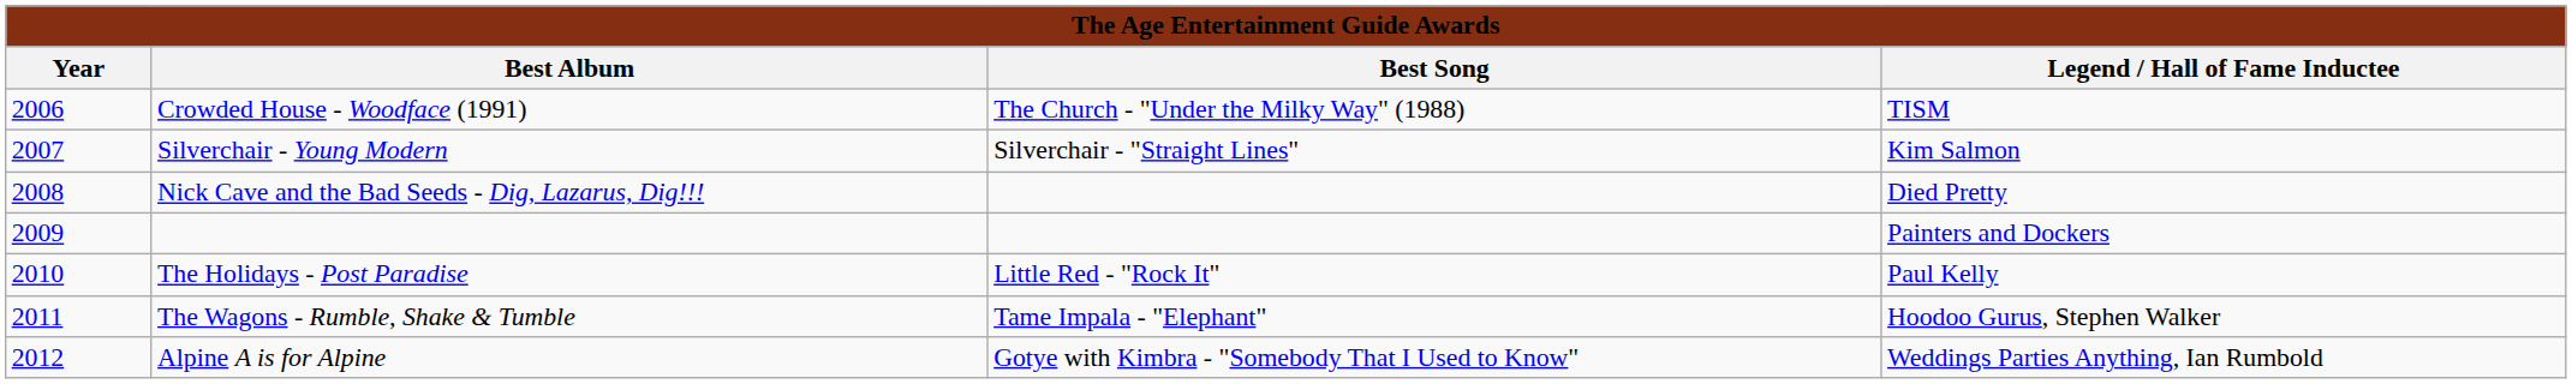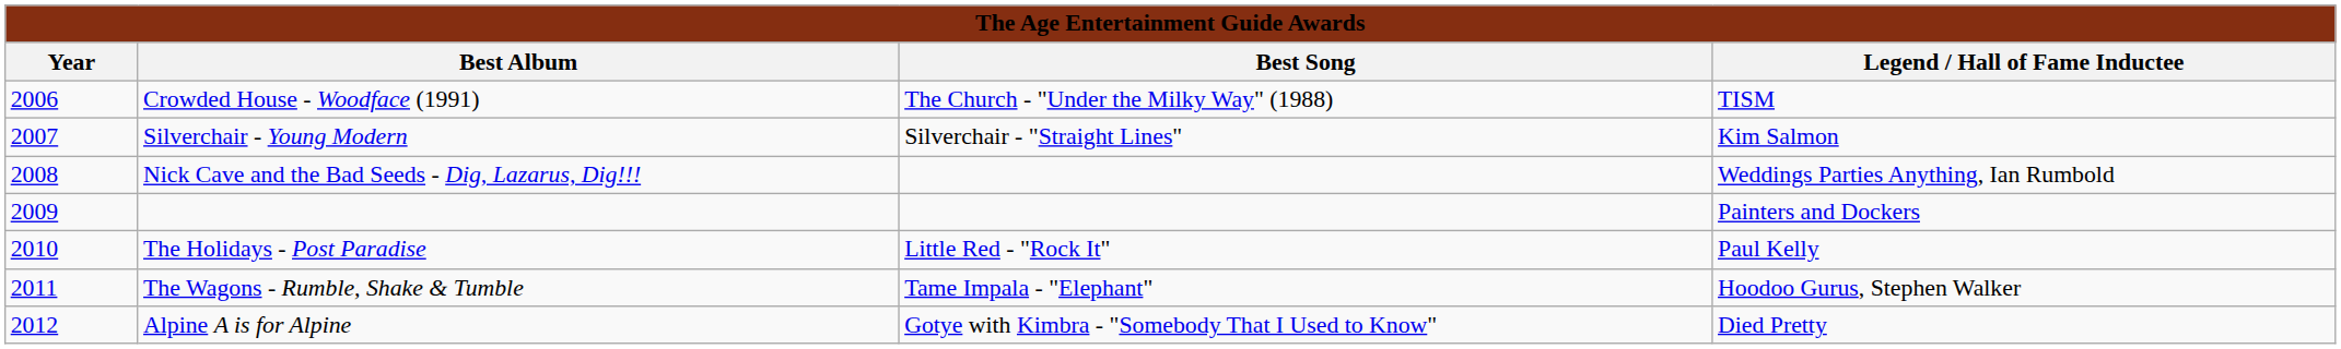 <table class="wikitable">
 <tr>
 <th colspan="4" style="width:15%;background:#852E11">The Age Entertainment Guide Awards</th>
 </tr>
 <tr>
 <th>Year</th>
 <th>Best Album</th>
 <th>Best Song</th>
 <th>Legend / Hall of Fame Inductee</th>
 </tr>
 <tr>
 <td><a href='#'>2006</a></td>
 <td><a href='#'>Crowded House</a> - <em><a href='#'>Woodface</a></em> (1991)</td>
 <td><a href='#'>The Church</a> - "<a href='#'>Under the Milky Way</a>" (1988)</td>
 <td><a href='#'>TISM</a></td>
 </tr>
 <tr>
 <td><a href='#'>2007</a></td>
 <td><a href='#'>Silverchair</a> - <em><a href='#'>Young Modern</a></em></td>
 <td>Silverchair - "<a href='#'>Straight Lines</a>"</td>
 <td><a href='#'>Kim Salmon</a></td>
 </tr>
 <tr>
 <td><a href='#'>2008</a></td>
 <td><a href='#'>Nick Cave and the Bad Seeds</a> - <em><a href='#'>Dig, Lazarus, Dig!!!</a></em></td>
 <td></td>
-<td><a href='#'>Died Pretty</a></td>
+<td><a href='#'>Weddings Parties Anything</a>, Ian Rumbold</td>
 </tr>
 <tr>
 <td><a href='#'>2009</a></td>
 <td></td>
 <td></td>
 <td><a href='#'>Painters and Dockers</a></td>
 </tr>
 <tr>
 <td><a href='#'>2010</a></td>
 <td><a href='#'>The Holidays</a> - <em><a href='#'>Post Paradise</a></em></td>
 <td><a href='#'>Little Red</a> - "<a href='#'>Rock It</a>"</td>
 <td><a href='#'>Paul Kelly</a></td>
 </tr>
 <tr>
 <td><a href='#'>2011</a></td>
 <td><a href='#'>The Wagons</a> - <em>Rumble, Shake & Tumble</em></td>
 <td><a href='#'>Tame Impala</a> - "<a href='#'>Elephant</a>"</td>
 <td><a href='#'>Hoodoo Gurus</a>, Stephen Walker</td>
 </tr>
 <tr>
 <td><a href='#'>2012</a></td>
 <td><a href='#'>Alpine</a> <em>A is for Alpine</em></td>
 <td><a href='#'>Gotye</a> with <a href='#'>Kimbra</a> - "<a href='#'>Somebody That I Used to Know</a>"</td>
-<td><a href='#'>Weddings Parties Anything</a>, Ian Rumbold</td>
+<td><a href='#'>Died Pretty</a></td>
 </tr>
 </table>
